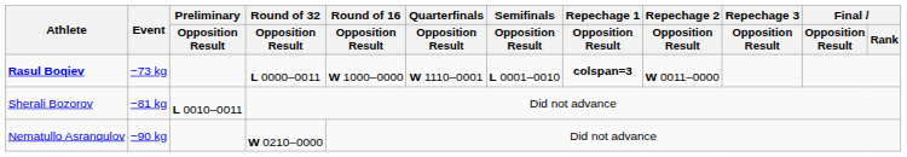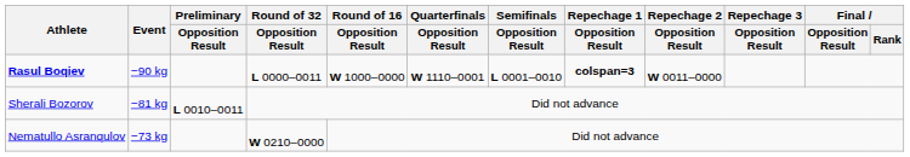 <table class="wikitable" style="font-size:90%">
 <tr>
 <th rowspan="2">Athlete</th>
 <th rowspan="2">Event</th>
 <th>Preliminary</th>
 <th>Round of 32</th>
 <th>Round of 16</th>
 <th>Quarterfinals</th>
 <th>Semifinals</th>
 <th>Repechage 1</th>
 <th>Repechage 2</th>
 <th>Repechage 3</th>
 <th colspan=2>Final / </th>
 </tr>
 <tr style="font-size:95%">
 <th>Opposition<br>Result</th>
 <th>Opposition<br>Result</th>
 <th>Opposition<br>Result</th>
 <th>Opposition<br>Result</th>
 <th>Opposition<br>Result</th>
 <th>Opposition<br>Result</th>
 <th>Opposition<br>Result</th>
 <th>Opposition<br>Result</th>
 <th>Opposition<br>Result</th>
 <th>Rank</th>
 </tr>
 <tr align=center>
 <td align=left><strong><a href='#'>Rasul Boqiev</a></strong></td>
-<td align=left><a href='#'>−73 kg</a></td>
+<td align=left><a href='#'>−90 kg</a></td>
 <td></td>
 <td><br><strong>L</strong> 0000–0011</td>
 <td><br><strong>W</strong> 1000–0000</td>
 <td><br><strong>W</strong> 1110–0001</td>
 <td><br><strong>L</strong> 0001–0010</td>
 <td><strong>colspan=3 </strong></td>
 <td><br><strong>W</strong> 0011–0000</td>
 <td></td>
 </tr>
 <tr align=center>
 <td align=left><a href='#'>Sherali Bozorov</a></td>
 <td align=left><a href='#'>−81 kg</a></td>
 <td><br><strong>L</strong> 0010–0011</td>
 <td colspan=9>Did not advance</td>
 </tr>
 <tr align=center>
 <td align=left><a href='#'>Nematullo Asranqulov</a></td>
-<td align=left><a href='#'>−90 kg</a></td>
+<td align=left><a href='#'>−73 kg</a></td>
 <td></td>
 <td><br><strong>W</strong> 0210–0000</td>
 <td colspan=8>Did not advance</td>
 </tr>
 </table>
